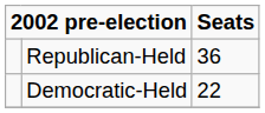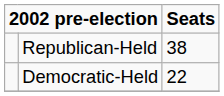 <table class="wikitable">
 <tr>
 <td colspan="2" rowspan="1" align="center" valign="top"><strong>2002 pre-election</strong></td>
 <td style="vertical-align:top;"><strong>Seats</strong><br></td>
 </tr>
 <tr>
 <td style="background-color:"> </td>
 <td>Republican-Held</td>
-<td>36</td>
+<td>38</td>
 </tr>
 <tr>
 <td style="background-color:"> </td>
 <td>Democratic-Held</td>
 <td>22</td>
 </tr>
 <tr>
 </tr>
 </table>
